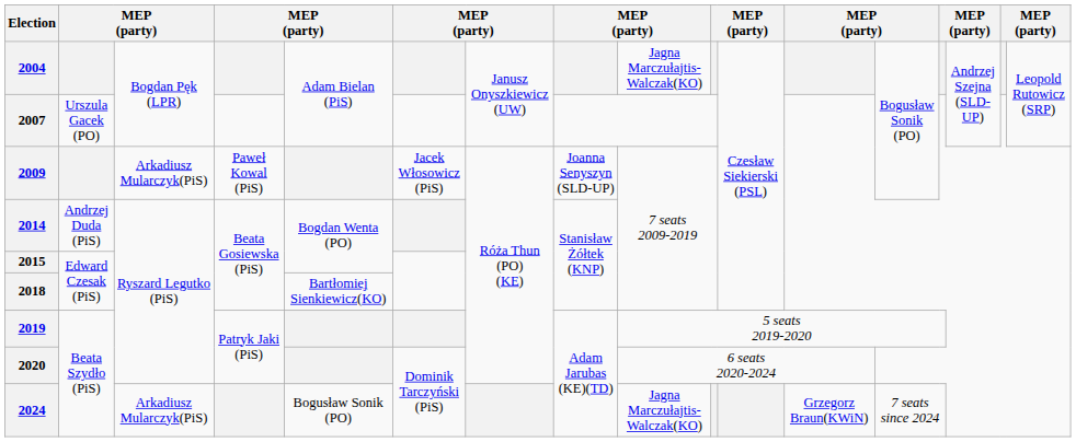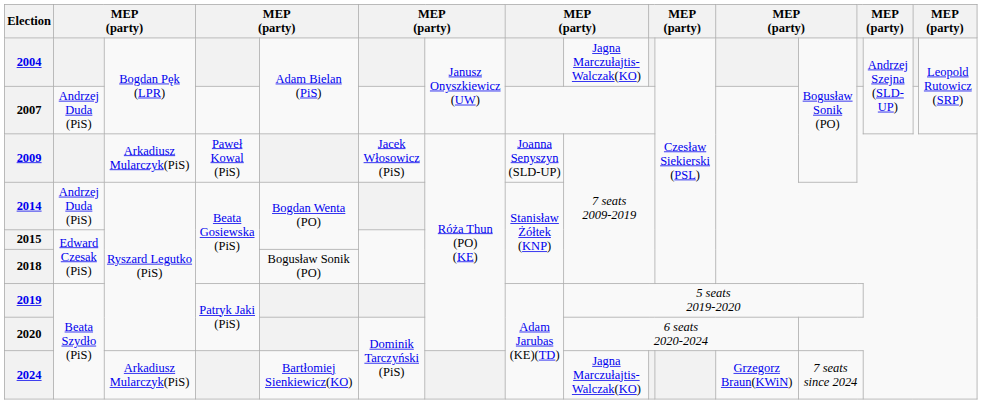 <table class= "wikitable" style= "text-align:center">
 <tr>
 <th>Election</th>
 <th colspan=2>MEP<br>(party)</th>
 <th colspan=2>MEP<br>(party)</th>
 <th colspan=2>MEP<br>(party)</th>
 <th colspan=2>MEP<br>(party)</th>
 <th colspan=2>MEP<br>(party)</th>
 <th colspan=2>MEP<br>(party)</th>
 <th colspan=2>MEP<br>(party)</th>
 <th colspan=2>MEP<br>(party)</th>
 </tr>
 <tr>
 <th><a href='#'>2004</a></th>
 <th style="background-color: "></th>
 <td rowspan=2><a href='#'>Bogdan Pęk</a><br>(<a href='#'>LPR</a>)</td>
 <th style="background-color: "></th>
 <td rowspan=2><a href='#'>Adam Bielan</a><br>(<a href='#'>PiS</a>)</td>
 <th style="background-color: "></th>
 <td rowspan=2><a href='#'>Janusz Onyszkiewicz</a><br>(<a href='#'>UW</a>)</td>
 <th style="background-color: "></th>
 <td><a href='#'>Jagna Marczułajtis-Walczak</a>(<a href='#'>KO</a>)</td>
 <th style="background-color: "></th>
 <td rowspan=6><a href='#'>Czesław Siekierski</a><br>(<a href='#'>PSL</a>)</td>
 <th style="background-color: "></th>
 <td rowspan=3><a href='#'>Bogusław Sonik</a><br>(PO)</td>
 <th style="background-color: "></th>
 <td rowspan=2><a href='#'>Andrzej Szejna</a><br>(<a href='#'>SLD-UP</a>)</td>
 <th style="background-color: "></th>
 <td rowspan=2><a href='#'>Leopold Rutowicz</a><br>(<a href='#'>SRP</a>)</td>
 </tr>
 <tr>
 <th>2007</th>
-<td rowspan=1><a href='#'>Urszula Gacek</a><br>(PO)</td>
+<td rowspan=1><a href='#'>Andrzej Duda</a><br>(PiS)</td>
 </tr>
 <tr>
 <th><a href='#'>2009</a></th>
 <th style="background-color: "></th>
 <td><a href='#'>Arkadiusz Mularczyk</a>(PiS)</td>
 <td rowspan=1><a href='#'>Paweł Kowal</a><br>(PiS)</td>
 <th style="background-color: "></th>
 <td rowspan=1><a href='#'>Jacek Włosowicz</a><br>(PiS)</td>
 <td rowspan=6><a href='#'>Róża Thun</a><br>(PO)<br>(<a href='#'>KE</a>)</td>
 <td rowspan=1><a href='#'>Joanna Senyszyn</a><br>(SLD-UP)</td>
 <td colspan=2 rowspan=4><em>7 seats<br>2009-2019</em></td>
 </tr>
 <tr>
 <th><a href='#'>2014</a></th>
 <td rowspan=1><a href='#'>Andrzej Duda</a><br>(PiS)</td>
 <td rowspan=5><a href='#'>Ryszard Legutko</a><br>(PiS)</td>
 <td rowspan=3><a href='#'>Beata Gosiewska</a><br>(PiS)</td>
 <td rowspan=2><a href='#'>Bogdan Wenta</a><br>(PO)</td>
 <th style="background-color: "></th>
 <td rowspan=3><a href='#'>Stanisław Żółtek</a><br>(<a href='#'>KNP</a>)</td>
 </tr>
 <tr>
 <th>2015</th>
 <td rowspan=2><a href='#'>Edward Czesak</a><br>(PiS)</td>
 </tr>
 <tr>
 <th>2018</th>
-<td><a href='#'>Bartłomiej Sienkiewicz</a>(<a href='#'>KO</a>)</td>
+<td rowspan=1>Bogusław Sonik<br>(PO)</td>
 </tr>
 <tr>
 <th><a href='#'>2019</a></th>
 <td rowspan=3><a href='#'>Beata Szydło</a><br>(PiS)</td>
 <td rowspan=2><a href='#'>Patryk Jaki</a><br>(PiS)</td>
 <th style="background-color: "></th>
 <th style="background-color: "></th>
 <td rowspan=3><a href='#'>Adam Jarubas</a><br>(KE)(<a href='#'>TD</a>)</td>
 <td colspan=6 rowspan=1><em>5 seats<br>2019-2020</em></td>
 </tr>
 <tr>
 <th>2020</th>
 <th style="background-color: "></th>
 <td rowspan=2><a href='#'>Dominik Tarczyński</a><br>(PiS)</td>
 <td colspan=4 rowspan=1><em>6 seats<br>2020-2024</em></td>
 </tr>
 <tr>
 <th><a href='#'>2024</a></th>
 <td><a href='#'>Arkadiusz Mularczyk</a>(PiS)</td>
 <th style="background-color: "></th>
-<td rowspan=1>Bogusław Sonik<br>(PO)</td>
+<td><a href='#'>Bartłomiej Sienkiewicz</a>(<a href='#'>KO</a>)</td>
 <th style="background-color: "></th>
 <td><a href='#'>Jagna Marczułajtis-Walczak</a>(<a href='#'>KO</a>)</td>
 <th style="background-color: "></th>
 <th style="background-color: "></th>
 <td><a href='#'>Grzegorz Braun</a>(<a href='#'>KWiN</a>)</td>
 <td colspan=2 rowspan=1><em>7 seats<br>since 2024</em></td>
 </tr>
 </table>
